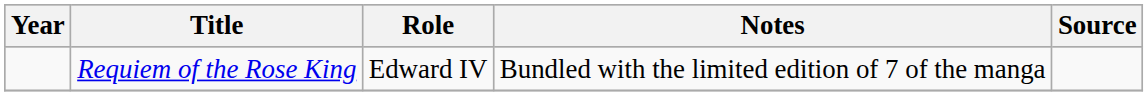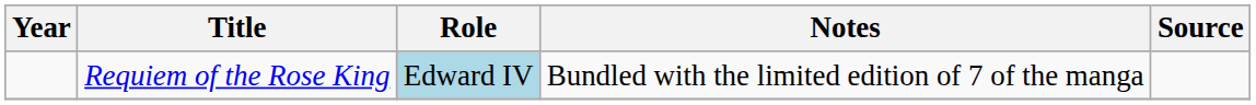 <table class="wikitable sortable plainrowheaders">
 <tr>
 <th>Year</th>
 <th>Title</th>
 <th>Role</th>
 <th class="unsortable">Notes</th>
 <th class="unsortable">Source</th>
 </tr>
 <tr>
 <td></td>
 <td><em><a href='#'>Requiem of the Rose King</a></em></td>
-<td>Edward IV</td>
+<td style="background: lightblue;">Edward IV</td>
 <td>Bundled with the limited edition of  7 of the manga</td>
 <td></td>
 </tr>
 <tr>
 </tr>
 </table>
